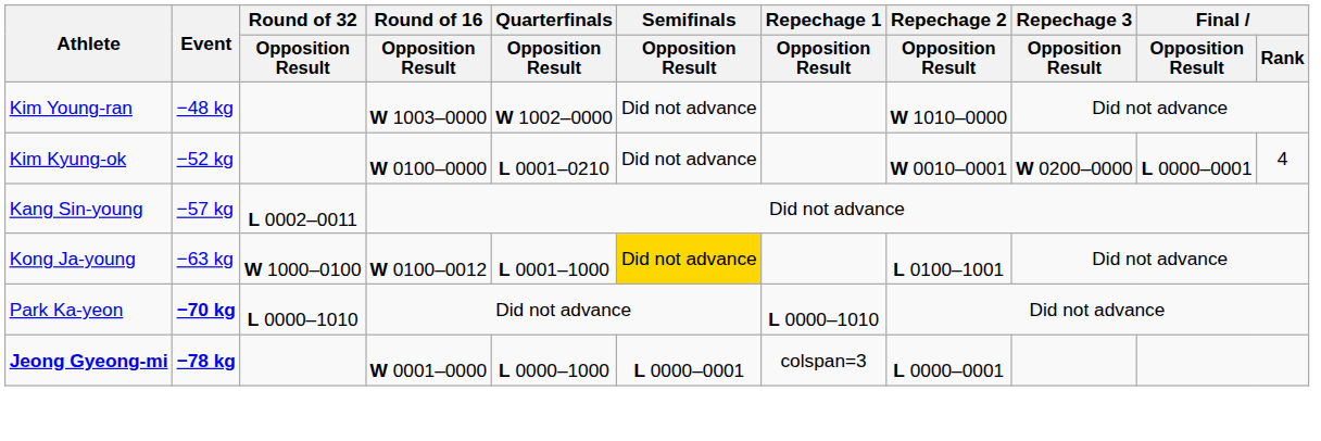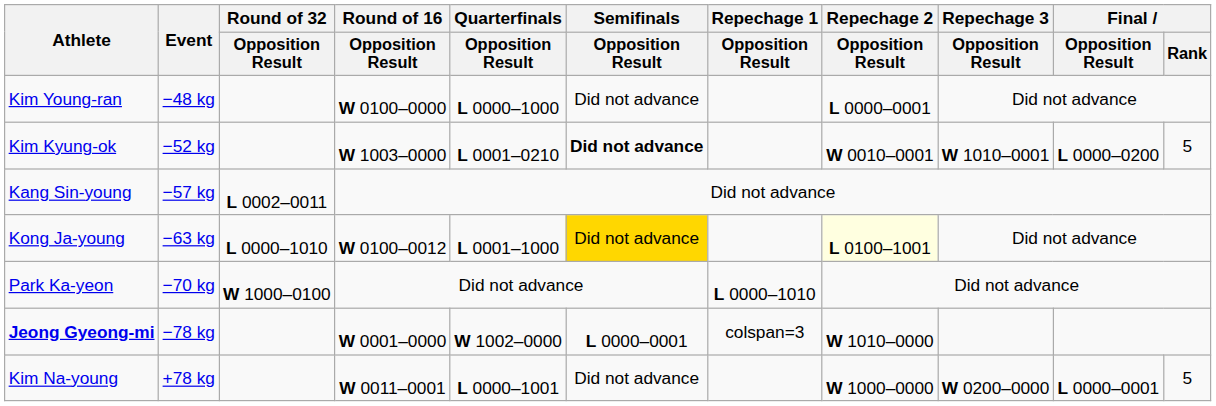 <table class="wikitable" style="font-size:90%">
 <tr>
 <th rowspan="2">Athlete</th>
 <th rowspan="2">Event</th>
 <th>Round of 32</th>
 <th>Round of 16</th>
 <th>Quarterfinals</th>
 <th>Semifinals</th>
 <th>Repechage 1</th>
 <th>Repechage 2</th>
 <th>Repechage 3</th>
 <th colspan=2>Final / </th>
 </tr>
 <tr style="font-size:95%">
 <th>Opposition<br>Result</th>
 <th>Opposition<br>Result</th>
 <th>Opposition<br>Result</th>
 <th>Opposition<br>Result</th>
 <th>Opposition<br>Result</th>
 <th>Opposition<br>Result</th>
 <th>Opposition<br>Result</th>
 <th>Opposition<br>Result</th>
 <th>Rank</th>
 </tr>
 <tr align=center>
 <td align=left><a href='#'>Kim Young-ran</a></td>
 <td align=left><a href='#'>−48 kg</a></td>
 <td></td>
-<td><br><strong>W</strong> 1003–0000</td>
-<td><br><strong>W</strong> 1002–0000</td>
+<td><br><strong>W</strong> 0100–0000</td>
+<td><br><strong>L</strong> 0000–1000</td>
 <td>Did not advance</td>
 <td></td>
-<td><br><strong>W</strong> 1010–0000</td>
+<td><br><strong>L</strong> 0000–0001</td>
 <td colspan=3>Did not advance</td>
 </tr>
 <tr align=center>
 <td align=left><a href='#'>Kim Kyung-ok</a></td>
 <td align=left><a href='#'>−52 kg</a></td>
 <td></td>
-<td><br><strong>W</strong> 0100–0000</td>
+<td><br><strong>W</strong> 1003–0000</td>
 <td><br><strong>L</strong> 0001–0210</td>
-<td>Did not advance</td>
+<td><strong>Did not advance</strong></td>
 <td></td>
 <td><br><strong>W</strong> 0010–0001</td>
-<td><br><strong>W</strong> 0200–0000</td>
-<td><br><strong>L</strong> 0000–0001</td>
-<td>4</td>
+<td><br><strong>W</strong> 1010–0001</td>
+<td><br><strong>L</strong> 0000–0200</td>
+<td>5</td>
 </tr>
 <tr align=center>
 <td align=left><a href='#'>Kang Sin-young</a></td>
 <td align=left><a href='#'>−57 kg</a></td>
 <td><br><strong>L</strong> 0002–0011</td>
 <td colspan=8>Did not advance</td>
 </tr>
 <tr align=center>
 <td align=left><a href='#'>Kong Ja-young</a></td>
 <td align=left><a href='#'>−63 kg</a></td>
-<td><br><strong>W</strong> 1000–0100</td>
+<td><br><strong>L</strong> 0000–1010</td>
 <td><br><strong>W</strong> 0100–0012</td>
 <td><br><strong>L</strong> 0001–1000</td>
 <td style="background: gold;">Did not advance</td>
 <td></td>
-<td><br><strong>L</strong> 0100–1001</td>
+<td style="background: lightyellow;"><br><strong>L</strong> 0100–1001</td>
 <td colspan=3>Did not advance</td>
 </tr>
 <tr align=center>
 <td align=left><a href='#'>Park Ka-yeon</a></td>
-<td align=left><strong><a href='#'>−70 kg</a></strong></td>
-<td><br><strong>L</strong> 0000–1010</td>
+<td align=left><a href='#'>−70 kg</a></td>
+<td><br><strong>W</strong> 1000–0100</td>
 <td colspan=3>Did not advance</td>
 <td><br><strong>L</strong> 0000–1010</td>
 <td colspan=4>Did not advance</td>
 </tr>
 <tr align=center>
 <td align=left><strong><a href='#'>Jeong Gyeong-mi</a></strong></td>
-<td align=left><strong><a href='#'>−78 kg</a></strong></td>
+<td align=left><a href='#'>−78 kg</a></td>
 <td></td>
 <td><br><strong>W</strong> 0001–0000</td>
-<td><br><strong>L</strong> 0000–1000</td>
+<td><br><strong>W</strong> 1002–0000</td>
 <td><br><strong>L</strong> 0000–0001</td>
 <td>colspan=3 </td>
-<td><br><strong>L</strong> 0000–0001</td>
+<td><br><strong>W</strong> 1010–0000</td>
 <td></td>
 </tr>
+<tr align=center>
+<td align=left><a href='#'>Kim Na-young</a></td>
+<td align=left><a href='#'>+78 kg</a></td>
+<td></td>
+<td><br><strong>W</strong> 0011–0001</td>
+<td><br><strong>L</strong> 0000–1001</td>
+<td>Did not advance</td>
+<td></td>
+<td><br><strong>W</strong> 1000–0000</td>
+<td><br><strong>W</strong> 0200–0000</td>
+<td><br><strong>L</strong> 0000–0001</td>
+<td>5</td>
+</tr>
 </table>
